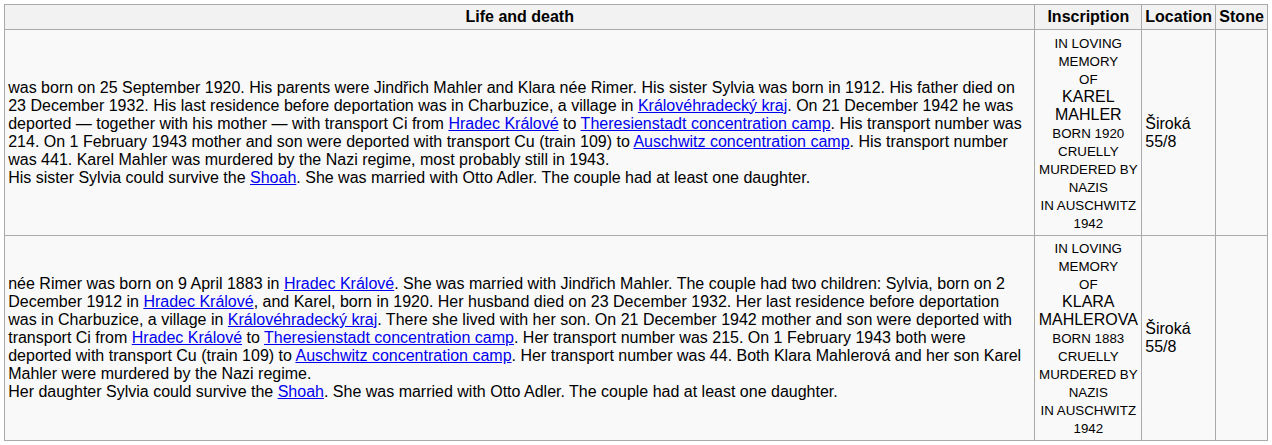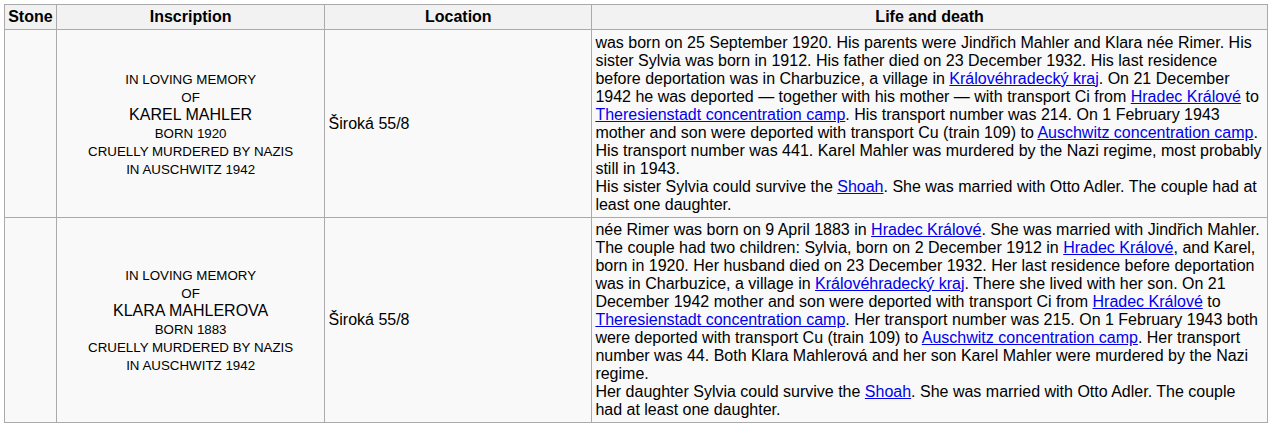 <table class="wikitable sortable toptextcells" style="width:100%">
 <tr>
-<th class="hintergrundfarbe6" style="width:100%;">Life and death</th>
+<th class="hintergrundfarbe6 unsortable" width="120px">Stone</th>
 <th class="hintergrundfarbe6 unsortable" style ="width:22%;">Inscription</th>
 <th class="hintergrundfarbe6" data-sort-type="text" style ="width:22%;">Location</th>
-<th class="hintergrundfarbe6 unsortable" width="120px">Stone</th>
+<th class="hintergrundfarbe6" style="width:100%;">Life and death</th>
 </tr>
 <tr>
-<td><strong></strong> was born on 25 September 1920. His parents were Jindřich Mahler and Klara née Rimer. His sister Sylvia was born in 1912. His father died on 23 December 1932. His last residence before deportation was in Charbuzice, a village in <a href='#'>Královéhradecký kraj</a>. On 21 December 1942 he was deported — together with his mother — with transport Ci from <a href='#'>Hradec Králové</a> to <a href='#'>Theresienstadt concentration camp</a>. His transport number was 214. On 1 February 1943 mother and son were deported with transport Cu (train 109)  to <a href='#'>Auschwitz concentration camp</a>. His transport number was 441. Karel Mahler was murdered by the Nazi regime, most probably still in 1943.<br>His sister Sylvia could survive the <a href='#'>Shoah</a>. She was married with Otto Adler. The couple had at least one daughter.</td>
+<td></td>
 <td style="text-align:center"><div><small>IN LOVING MEMORY<br>OF</small><br>KAREL MAHLER<br><small>BORN 1920<br>CRUELLY MURDERED BY NAZIS<br>IN AUSCHWITZ 1942</small></div></td>
 <td>Široká 55/8<br></td>
-<td></td>
+<td><strong></strong> was born on 25 September 1920. His parents were Jindřich Mahler and Klara née Rimer. His sister Sylvia was born in 1912. His father died on 23 December 1932. His last residence before deportation was in Charbuzice, a village in <a href='#'>Královéhradecký kraj</a>. On 21 December 1942 he was deported — together with his mother — with transport Ci from <a href='#'>Hradec Králové</a> to <a href='#'>Theresienstadt concentration camp</a>. His transport number was 214. On 1 February 1943 mother and son were deported with transport Cu (train 109)  to <a href='#'>Auschwitz concentration camp</a>. His transport number was 441. Karel Mahler was murdered by the Nazi regime, most probably still in 1943.<br>His sister Sylvia could survive the <a href='#'>Shoah</a>. She was married with Otto Adler. The couple had at least one daughter.</td>
 </tr>
 <tr>
-<td><strong></strong> née Rimer was born on 9 April 1883 in <a href='#'>Hradec Králové</a>. She was married with Jindřich Mahler. The couple had two children: Sylvia, born on 2 December 1912 in <a href='#'>Hradec Králové</a>, and Karel, born in 1920. Her husband died on 23 December 1932. Her last residence before deportation was in Charbuzice, a village in <a href='#'>Královéhradecký kraj</a>. There she lived with her son. On 21 December 1942 mother and son were deported with transport Ci from <a href='#'>Hradec Králové</a> to <a href='#'>Theresienstadt concentration camp</a>. Her transport number was 215. On 1 February 1943 both were deported with transport Cu (train 109)  to <a href='#'>Auschwitz concentration camp</a>. Her transport number was 44. Both Klara Mahlerová and her son Karel Mahler were murdered by the Nazi regime.<br>Her daughter Sylvia could survive the <a href='#'>Shoah</a>. She was married with Otto Adler. The couple had at least one daughter.</td>
+<td></td>
 <td style="text-align:center"><div><small>IN LOVING MEMORY<br>OF</small><br>KLARA MAHLEROVA<br><small>BORN 1883<br>CRUELLY MURDERED BY NAZIS<br>IN AUSCHWITZ 1942</small></div></td>
 <td>Široká 55/8<br></td>
-<td></td>
+<td><strong></strong> née Rimer was born on 9 April 1883 in <a href='#'>Hradec Králové</a>. She was married with Jindřich Mahler. The couple had two children: Sylvia, born on 2 December 1912 in <a href='#'>Hradec Králové</a>, and Karel, born in 1920. Her husband died on 23 December 1932. Her last residence before deportation was in Charbuzice, a village in <a href='#'>Královéhradecký kraj</a>. There she lived with her son. On 21 December 1942 mother and son were deported with transport Ci from <a href='#'>Hradec Králové</a> to <a href='#'>Theresienstadt concentration camp</a>. Her transport number was 215. On 1 February 1943 both were deported with transport Cu (train 109)  to <a href='#'>Auschwitz concentration camp</a>. Her transport number was 44. Both Klara Mahlerová and her son Karel Mahler were murdered by the Nazi regime.<br>Her daughter Sylvia could survive the <a href='#'>Shoah</a>. She was married with Otto Adler. The couple had at least one daughter.</td>
 </tr>
 </table>
